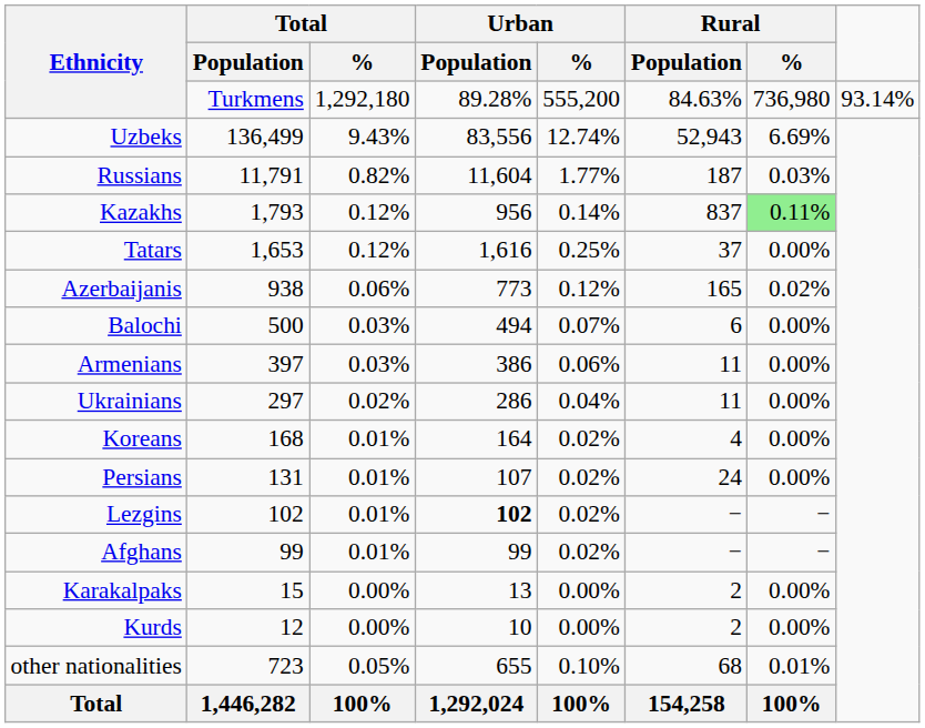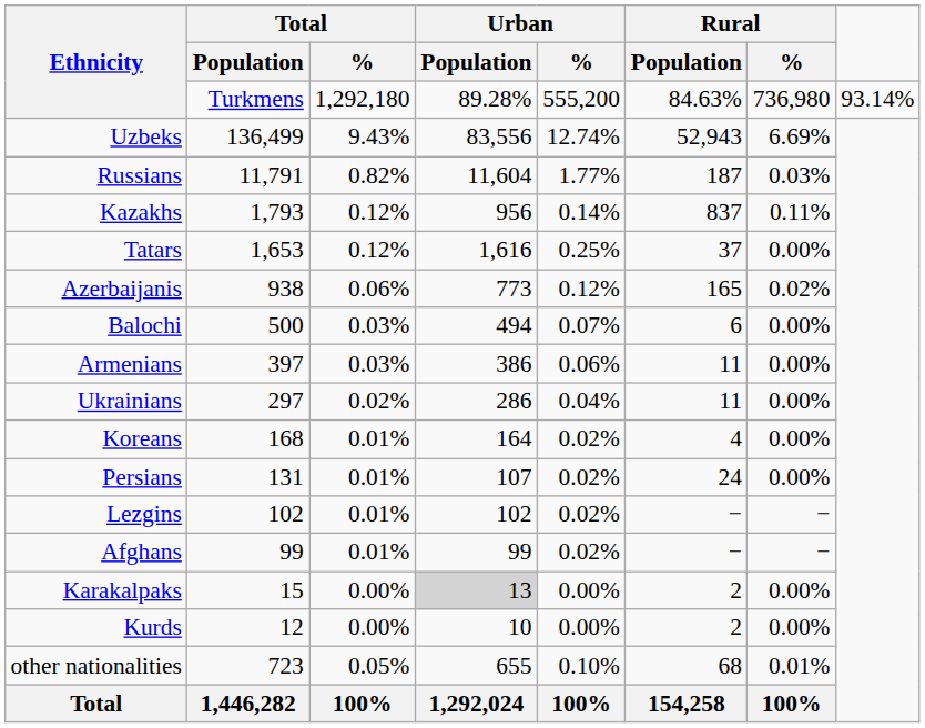 <table class="wikitable sortable" style="text-align:right">
 <tr>
 <th rowspan="3"><a href='#'>Ethnicity</a></th>
 <th colspan="2">Total</th>
 <th colspan="2">Urban</th>
 <th colspan="2">Rural</th>
 </tr>
 <tr>
 <th>Population</th>
 <th>%</th>
 <th>Population</th>
 <th>%</th>
 <th>Population</th>
 <th>%</th>
 </tr>
 <tr>
 <td><a href='#'>Turkmens</a></td>
 <td>1,292,180</td>
 <td>89.28%</td>
 <td>555,200</td>
 <td>84.63%</td>
 <td>736,980</td>
 <td>93.14%</td>
 </tr>
 <tr>
 <td><a href='#'>Uzbeks</a></td>
 <td>136,499</td>
 <td>9.43%</td>
 <td>83,556</td>
 <td>12.74%</td>
 <td>52,943</td>
 <td>6.69%</td>
 </tr>
 <tr>
 <td><a href='#'>Russians</a></td>
 <td>11,791</td>
 <td>0.82%</td>
 <td>11,604</td>
 <td>1.77%</td>
 <td>187</td>
 <td>0.03%</td>
 </tr>
 <tr>
 <td><a href='#'>Kazakhs</a></td>
 <td>1,793</td>
 <td>0.12%</td>
 <td>956</td>
 <td>0.14%</td>
 <td>837</td>
-<td style="background: lightgreen;">0.11%</td>
+<td>0.11%</td>
 </tr>
 <tr>
 <td><a href='#'>Tatars</a></td>
 <td>1,653</td>
 <td>0.12%</td>
 <td>1,616</td>
 <td>0.25%</td>
 <td>37</td>
 <td>0.00%</td>
 </tr>
 <tr>
 <td><a href='#'>Azerbaijanis</a></td>
 <td>938</td>
 <td>0.06%</td>
 <td>773</td>
 <td>0.12%</td>
 <td>165</td>
 <td>0.02%</td>
 </tr>
 <tr>
 <td><a href='#'>Balochi</a></td>
 <td>500</td>
 <td>0.03%</td>
 <td>494</td>
 <td>0.07%</td>
 <td>6</td>
 <td>0.00%</td>
 </tr>
 <tr>
 <td><a href='#'>Armenians</a></td>
 <td>397</td>
 <td>0.03%</td>
 <td>386</td>
 <td>0.06%</td>
 <td>11</td>
 <td>0.00%</td>
 </tr>
 <tr>
 <td><a href='#'>Ukrainians</a></td>
 <td>297</td>
 <td>0.02%</td>
 <td>286</td>
 <td>0.04%</td>
 <td>11</td>
 <td>0.00%</td>
 </tr>
 <tr>
 <td><a href='#'>Koreans</a></td>
 <td>168</td>
 <td>0.01%</td>
 <td>164</td>
 <td>0.02%</td>
 <td>4</td>
 <td>0.00%</td>
 </tr>
 <tr>
 <td><a href='#'>Persians</a></td>
 <td>131</td>
 <td>0.01%</td>
 <td>107</td>
 <td>0.02%</td>
 <td>24</td>
 <td>0.00%</td>
 </tr>
 <tr>
 <td><a href='#'>Lezgins</a></td>
 <td>102</td>
 <td>0.01%</td>
-<td><strong>102</strong></td>
+<td>102</td>
 <td>0.02%</td>
 <td>−</td>
 <td>−</td>
 </tr>
 <tr>
 <td><a href='#'>Afghans</a></td>
 <td>99</td>
 <td>0.01%</td>
 <td>99</td>
 <td>0.02%</td>
 <td>−</td>
 <td>−</td>
 </tr>
 <tr>
 <td><a href='#'>Karakalpaks</a></td>
 <td>15</td>
 <td>0.00%</td>
-<td>13</td>
+<td style="background: lightgrey;">13</td>
 <td>0.00%</td>
 <td>2</td>
 <td>0.00%</td>
 </tr>
 <tr>
 <td><a href='#'>Kurds</a></td>
 <td>12</td>
 <td>0.00%</td>
 <td>10</td>
 <td>0.00%</td>
 <td>2</td>
 <td>0.00%</td>
 </tr>
 <tr>
 <td>other nationalities</td>
 <td>723</td>
 <td>0.05%</td>
 <td>655</td>
 <td>0.10%</td>
 <td>68</td>
 <td>0.01%</td>
 </tr>
 <tr class="sortbottom">
 <th><strong>Total</strong></th>
 <th><strong>1,446,282</strong></th>
 <th><strong>100%</strong></th>
 <th><strong>1,292,024</strong></th>
 <th><strong>100%</strong></th>
 <th><strong>154,258</strong></th>
 <th><strong>100%</strong></th>
 </tr>
 </table>
